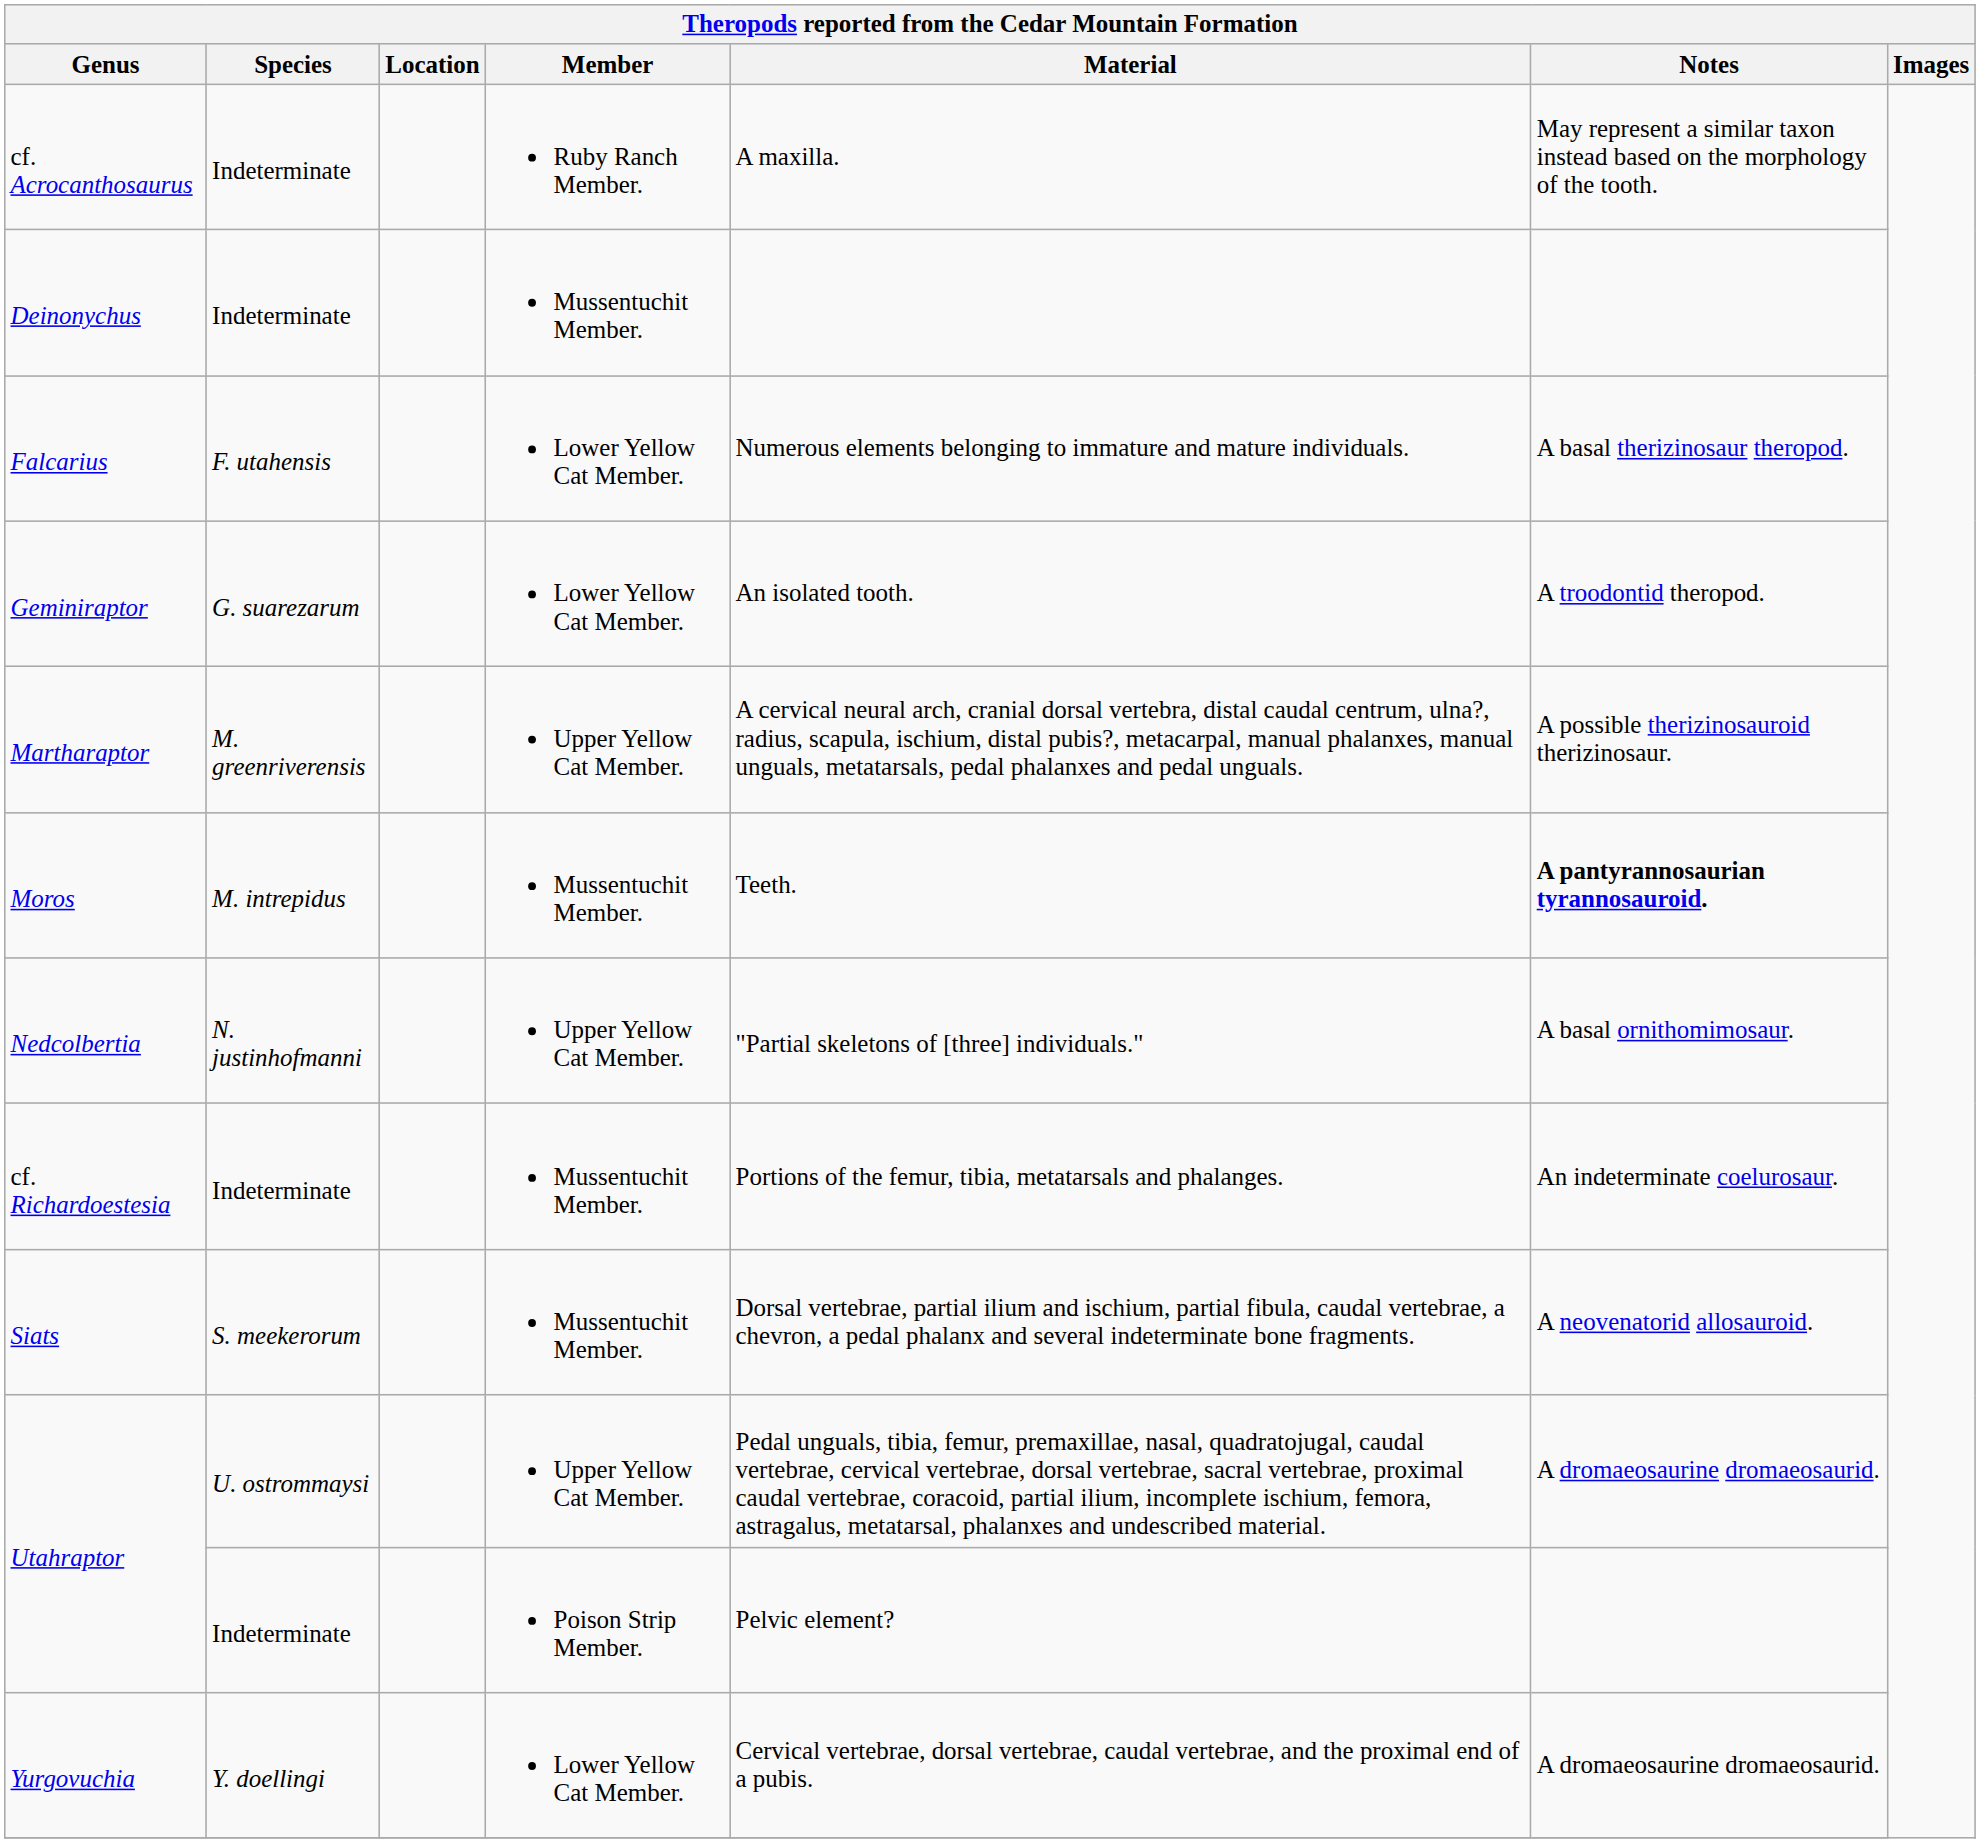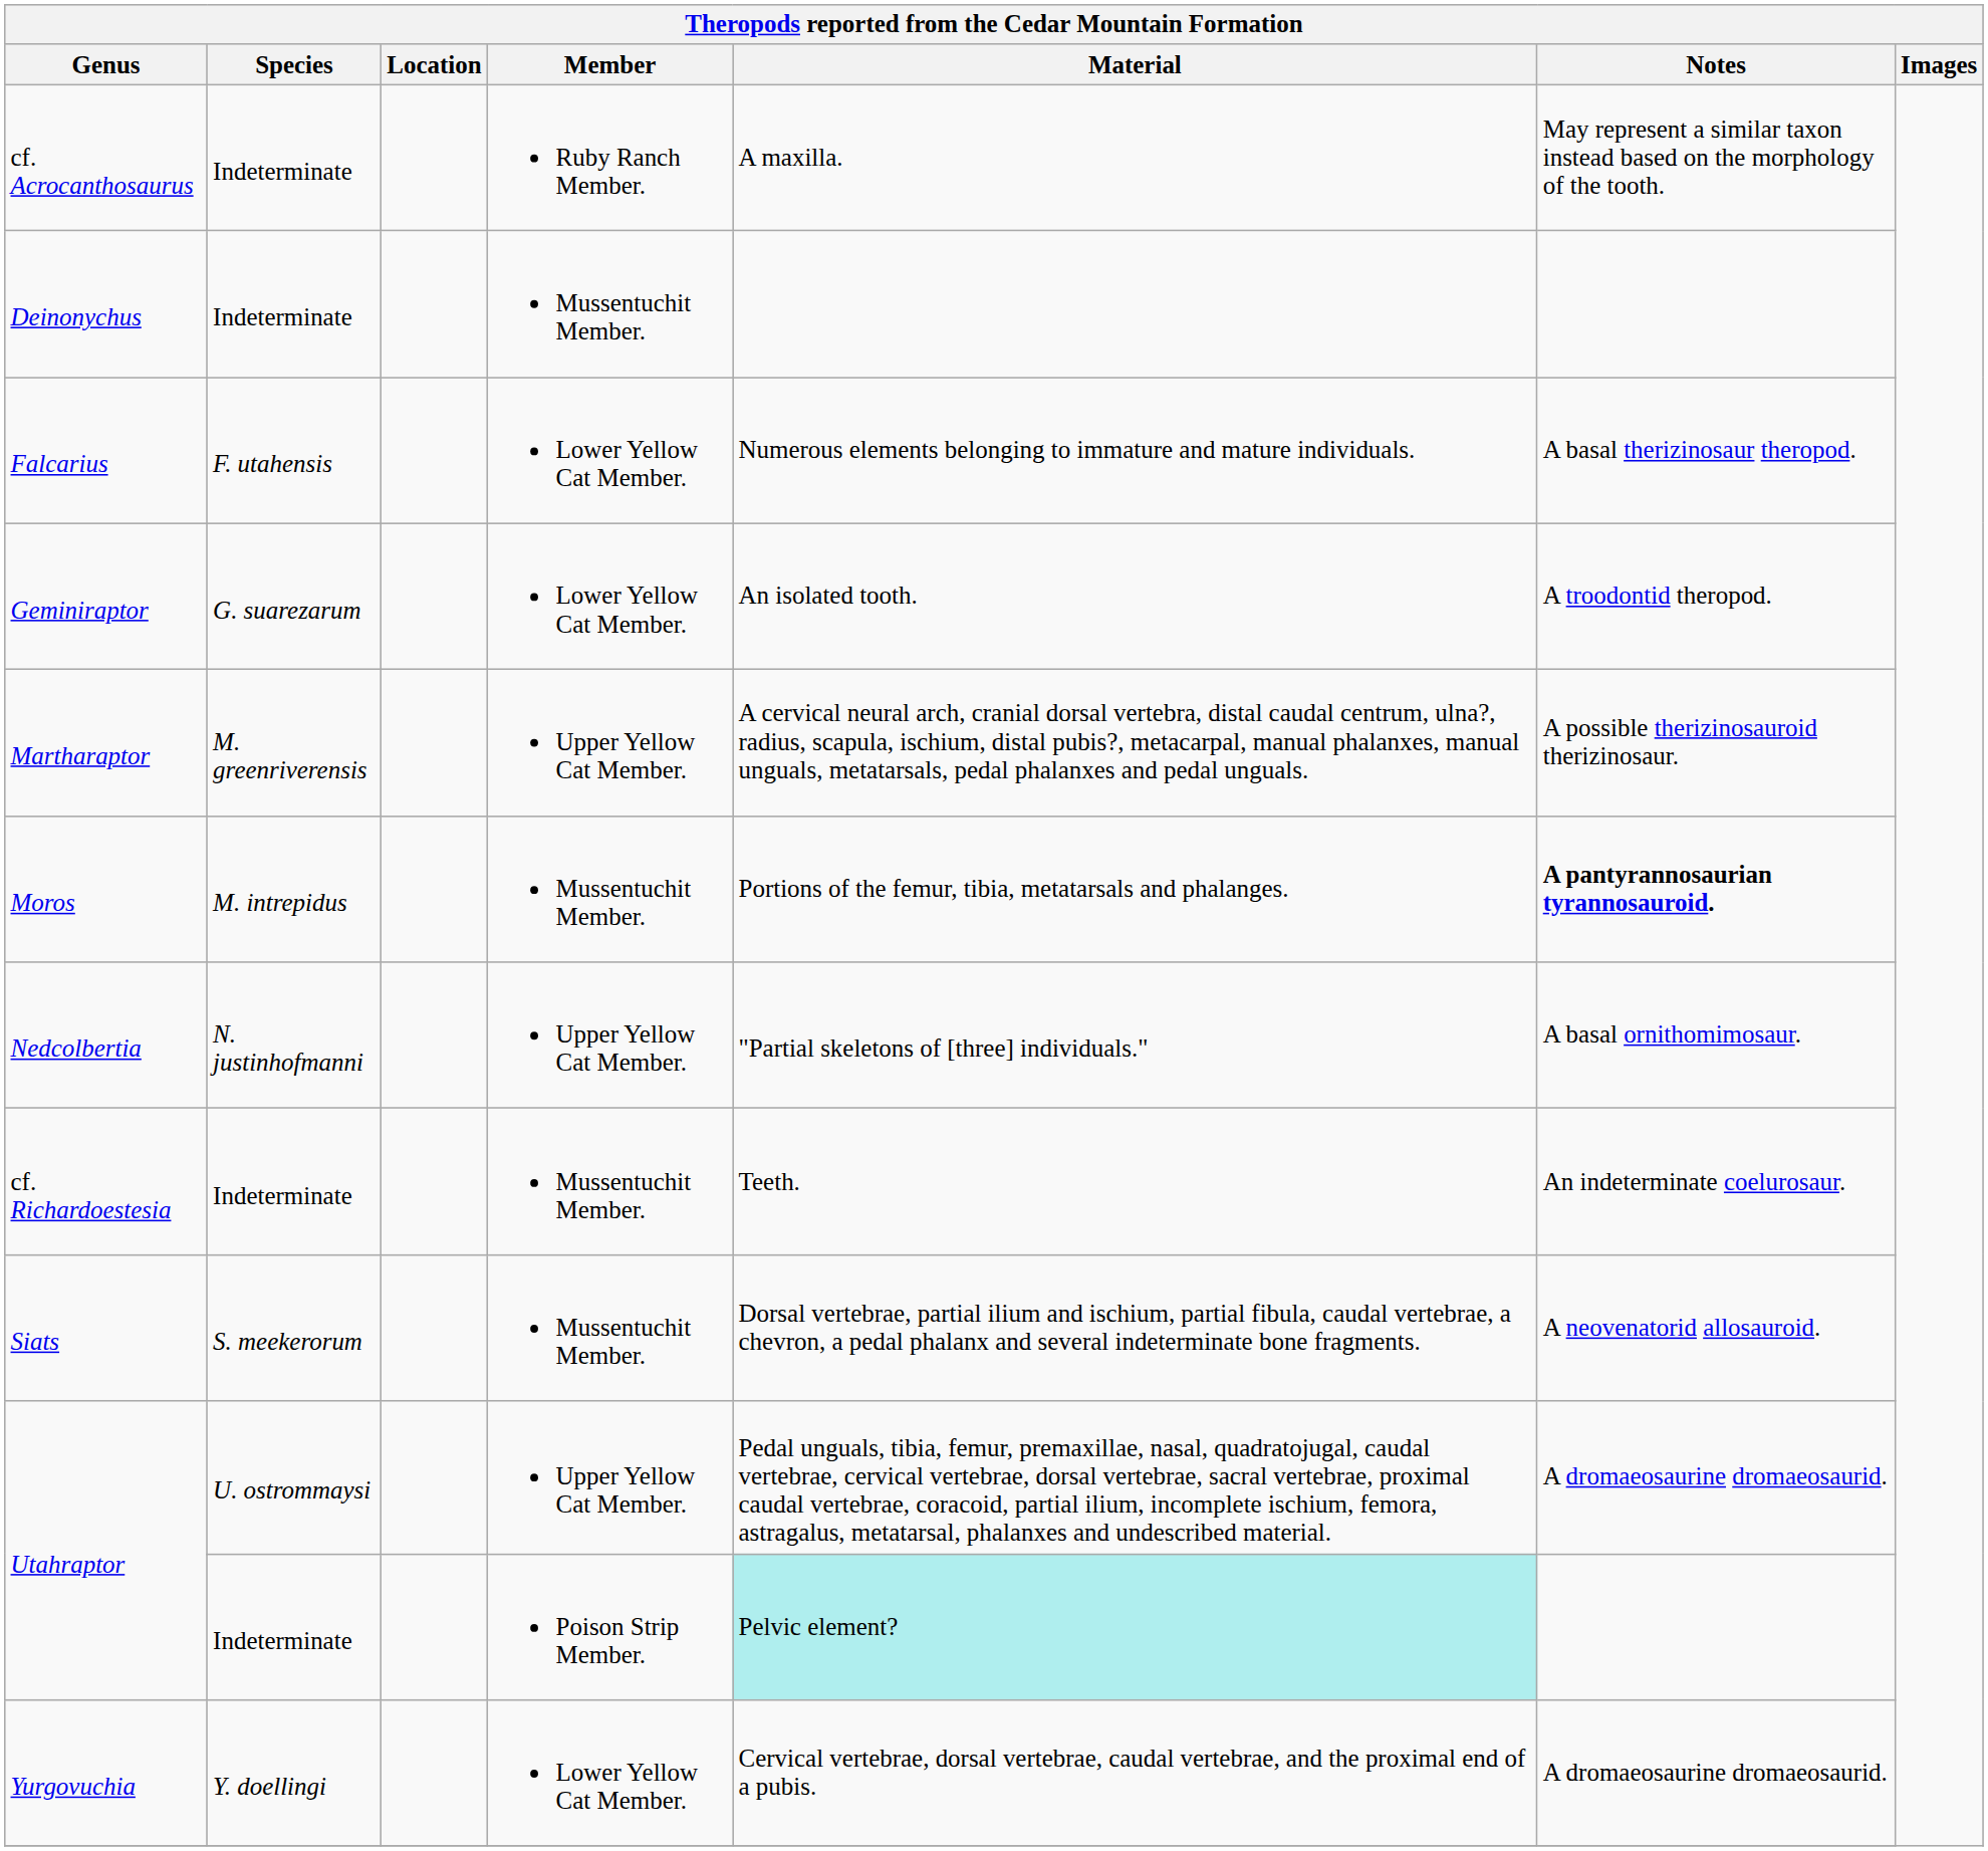 <table class="wikitable" align="center" width="100%">
 <tr>
 <th colspan="7" align="center"><strong><a href='#'>Theropods</a> reported from the Cedar Mountain Formation</strong></th>
 </tr>
 <tr>
 <th>Genus</th>
 <th>Species</th>
 <th>Location</th>
 <th>Member</th>
 <th>Material</th>
 <th>Notes</th>
 <th>Images</th>
 </tr>
 <tr>
 <td><br>cf. <em><a href='#'>Acrocanthosaurus</a></em></td>
 <td><br>Indeterminate</td>
 <td></td>
 <td><br><ul><li>Ruby Ranch Member.</li></ul></td>
 <td>A maxilla.</td>
 <td>May represent a similar taxon instead based on the morphology of the tooth.</td>
 <td rowspan="99"><br>     </td>
 </tr>
 <tr>
 <td><br><em><a href='#'>Deinonychus</a></em></td>
 <td><br>Indeterminate</td>
 <td></td>
 <td><br><ul><li>Mussentuchit Member.</li></ul></td>
 <td></td>
 <td></td>
 </tr>
 <tr>
 <td><br><em><a href='#'>Falcarius</a></em></td>
 <td><br><em>F. utahensis</em></td>
 <td></td>
 <td><br><ul><li>Lower Yellow Cat Member.</li></ul></td>
 <td>Numerous elements belonging to immature and mature individuals.</td>
 <td>A basal <a href='#'>therizinosaur</a> <a href='#'>theropod</a>.</td>
 </tr>
 <tr>
 <td><br><em><a href='#'>Geminiraptor</a></em></td>
 <td><br><em>G. suarezarum</em></td>
 <td></td>
 <td><br><ul><li>Lower Yellow Cat Member.</li></ul></td>
 <td>An isolated tooth.</td>
 <td>A <a href='#'>troodontid</a> theropod.</td>
 </tr>
 <tr>
 <td><br><em><a href='#'>Martharaptor</a></em></td>
 <td><br><em>M. greenriverensis</em></td>
 <td></td>
 <td><br><ul><li>Upper Yellow Cat Member.</li></ul></td>
 <td>A cervical neural arch, cranial dorsal vertebra, distal caudal centrum, ulna?, radius, scapula, ischium, distal pubis?, metacarpal, manual phalanxes, manual unguals, metatarsals, pedal phalanxes and pedal unguals.</td>
 <td>A possible <a href='#'>therizinosauroid</a> therizinosaur.</td>
 </tr>
 <tr>
 <td><br><em><a href='#'>Moros</a></em></td>
 <td><br><em>M. intrepidus</em></td>
 <td></td>
 <td><br><ul><li>Mussentuchit Member.</li></ul></td>
-<td>Teeth.</td>
+<td>Portions of the femur, tibia, metatarsals and phalanges.</td>
 <td><strong>A pantyrannosaurian <a href='#'>tyrannosauroid</a>.</strong></td>
 </tr>
 <tr>
 <td><br><em><a href='#'>Nedcolbertia</a></em></td>
 <td><br><em>N. justinhofmanni</em></td>
 <td></td>
 <td><br><ul><li>Upper Yellow Cat Member.</li></ul></td>
 <td><br>"Partial skeletons of [three] individuals."</td>
 <td>A basal <a href='#'>ornithomimosaur</a>.</td>
 </tr>
 <tr>
 <td><br>cf. <em><a href='#'>Richardoestesia</a></em></td>
 <td><br>Indeterminate</td>
 <td></td>
 <td><br><ul><li>Mussentuchit Member.</li></ul></td>
-<td>Portions of the femur, tibia, metatarsals and phalanges.</td>
+<td>Teeth.</td>
 <td>An indeterminate <a href='#'>coelurosaur</a>.</td>
 </tr>
 <tr>
 <td><br><em><a href='#'>Siats</a></em></td>
 <td><br><em>S. meekerorum</em></td>
 <td></td>
 <td><br><ul><li>Mussentuchit Member.</li></ul></td>
 <td>Dorsal vertebrae, partial ilium and ischium, partial fibula, caudal vertebrae, a chevron, a pedal phalanx and several indeterminate bone fragments.</td>
 <td>A <a href='#'>neovenatorid</a> <a href='#'>allosauroid</a>.</td>
 </tr>
 <tr>
 <td rowspan="2"><br><em><a href='#'>Utahraptor</a></em></td>
 <td><br><em>U. ostrommaysi</em></td>
 <td></td>
 <td><br><ul><li>Upper Yellow Cat Member.</li></ul></td>
 <td><br>Pedal unguals, tibia, femur, premaxillae, nasal, quadratojugal, caudal vertebrae, cervical vertebrae, dorsal vertebrae, sacral vertebrae, proximal caudal vertebrae, coracoid, partial ilium, incomplete ischium, femora, astragalus, metatarsal, phalanxes and undescribed material. </td>
 <td>A <a href='#'>dromaeosaurine</a> <a href='#'>dromaeosaurid</a>.</td>
 </tr>
 <tr>
 <td><br>Indeterminate</td>
 <td></td>
 <td><br><ul><li>Poison Strip Member.</li></ul></td>
-<td>Pelvic element?</td>
+<td style="background: paleturquoise;">Pelvic element?</td>
 <td></td>
 </tr>
 <tr>
 <td><br><em><a href='#'>Yurgovuchia</a></em></td>
 <td><br><em>Y. doellingi</em></td>
 <td></td>
 <td><br><ul><li>Lower Yellow Cat Member.</li></ul></td>
 <td>Cervical vertebrae, dorsal vertebrae, caudal vertebrae, and the proximal end of a pubis.</td>
 <td>A dromaeosaurine dromaeosaurid.</td>
 </tr>
 <tr>
 </tr>
 </table>
